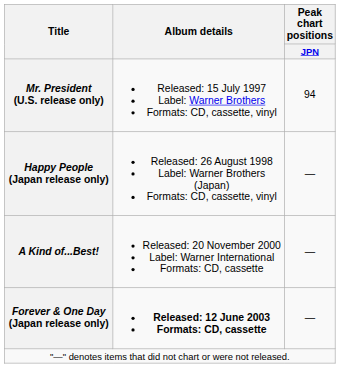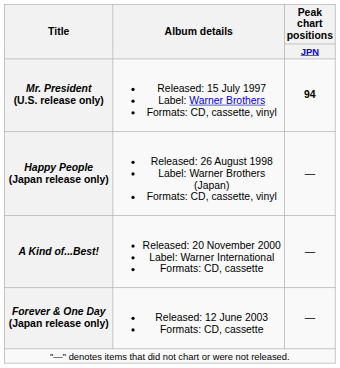 <table class="wikitable plainrowheaders" style="text-align:center;" border="1">
 <tr>
 <th scope="col" rowspan="2" style="width:10em;">Title</th>
 <th scope="col" rowspan="2" style="width:16em;">Album details</th>
 <th scope="col" colspan="1">Peak chart positions</th>
 </tr>
 <tr>
 <th scope="col" style="width:3em;font-size:90%;"><a href='#'>JPN</a><br></th>
 </tr>
 <tr>
 <th scope="row"><em>Mr. President</em><br><span>(U.S. release only)</span></th>
 <td><br><ul><li>Released: 15 July 1997</li><li>Label: <a href='#'>Warner Brothers</a></li><li>Formats: CD, cassette, vinyl</li></ul></td>
-<td>94</td>
+<td><strong>94</strong></td>
 </tr>
 <tr>
 <th scope="row"><em>Happy People</em><br><span>(Japan release only)</span></th>
 <td><br><ul><li>Released: 26 August 1998</li><li>Label: Warner Brothers (Japan)</li><li>Formats: CD, cassette, vinyl</li></ul></td>
 <td>—</td>
 </tr>
 <tr>
 <th scope="row"><em>A Kind of...Best!</em></th>
 <td><br><ul><li>Released: 20 November 2000</li><li>Label: Warner International</li><li>Formats: CD, cassette</li></ul></td>
 <td>—</td>
 </tr>
 <tr>
 <th scope="row"><em>Forever & One Day</em><br><span>(Japan release only)</span></th>
-<td><strong><br><ul><li>Released: 12 June 2003</li><li>Formats: CD, cassette</li></ul></strong></td>
+<td><br><ul><li>Released: 12 June 2003</li><li>Formats: CD, cassette</li></ul></td>
 <td>—</td>
 </tr>
 <tr>
 <td align="center" colspan="14" style="font-size:90%">"—" denotes items that did not chart or were not released.</td>
 </tr>
 </table>
